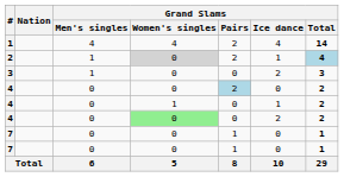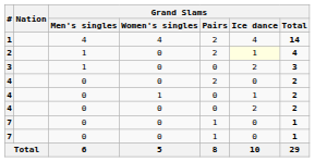 <table class="wikitable sortable" style="text-align: center;">
 <tr>
 <th rowspan="2">#</th>
 <th rowspan="2">Nation</th>
 <th colspan="5">Grand Slams</th>
 </tr>
 <tr>
 <th>Men's singles</th>
 <th>Women's singles</th>
 <th>Pairs</th>
 <th>Ice dance</th>
 <th>Total</th>
 </tr>
 <tr>
 <th>1</th>
 <td></td>
 <td>4</td>
 <td>4</td>
 <td>2</td>
 <td>4</td>
 <td><strong>14</strong></td>
 </tr>
 <tr>
 <th>2</th>
 <td></td>
 <td>1</td>
-<td style="background: lightgrey;">0</td>
+<td>0</td>
 <td>2</td>
-<td>1</td>
-<td style="background: lightblue;"><strong>4</strong></td>
+<td style="background: lightyellow;">1</td>
+<td><strong>4</strong></td>
 </tr>
 <tr>
 <th>3</th>
 <td></td>
 <td>1</td>
 <td>0</td>
 <td>0</td>
 <td>2</td>
 <td><strong>3</strong></td>
 </tr>
 <tr>
 <th>4</th>
 <td></td>
 <td>0</td>
 <td>0</td>
-<td style="background: lightblue;">2</td>
+<td>2</td>
 <td>0</td>
 <td><strong>2</strong></td>
 </tr>
 <tr>
 <th>4</th>
 <td></td>
 <td>0</td>
 <td>1</td>
 <td>0</td>
 <td>1</td>
 <td><strong>2</strong></td>
 </tr>
 <tr>
 <th>4</th>
 <td></td>
 <td>0</td>
-<td style="background: lightgreen;">0</td>
+<td>0</td>
 <td>0</td>
 <td>2</td>
 <td><strong>2</strong></td>
 </tr>
 <tr>
 <th>7</th>
 <td></td>
 <td>0</td>
 <td>0</td>
 <td>1</td>
 <td>0</td>
 <td><strong>1</strong></td>
 </tr>
 <tr>
 <th>7</th>
 <td></td>
 <td>0</td>
 <td>0</td>
 <td>1</td>
 <td>0</td>
 <td><strong>1</strong></td>
 </tr>
 <tr class="sortbottom">
 <th colspan="2">Total</th>
 <th>6</th>
 <th>5</th>
 <th>8</th>
 <th>10</th>
 <th>29</th>
 </tr>
 </table>
